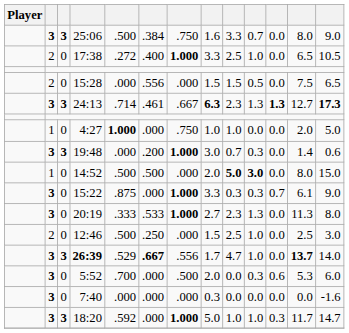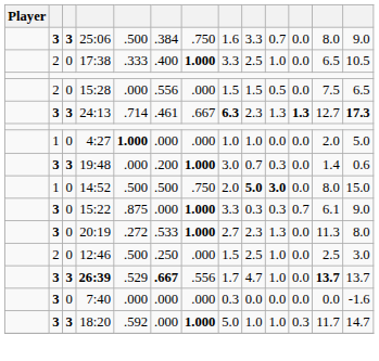 <table class="wikitable sortable" style="font-size:95%; text-align:right;">
 <tr>
 <th>Player</th>
 <th></th>
 <th></th>
 <th></th>
 <th></th>
 <th></th>
 <th></th>
 <th></th>
 <th></th>
 <th></th>
 <th></th>
 <th></th>
 <th></th>
 </tr>
 <tr>
 <td><strong></strong></td>
 <td><strong>3</strong></td>
 <td><strong>3</strong></td>
 <td>25:06</td>
 <td>.500</td>
 <td>.384</td>
 <td>.750</td>
 <td>1.6</td>
 <td>3.3</td>
 <td>0.7</td>
 <td>0.0</td>
 <td>8.0</td>
 <td>9.0</td>
 </tr>
 <tr>
 <td><strong></strong></td>
 <td>2</td>
 <td>0</td>
 <td>17:38</td>
-<td>.272</td>
+<td>.333</td>
 <td>.400</td>
 <td><strong>1.000</strong></td>
 <td>3.3</td>
 <td>2.5</td>
 <td>1.0</td>
 <td>0.0</td>
 <td>6.5</td>
 <td>10.5</td>
 </tr>
 <tr>
 <td><strong></strong></td>
 <td colspan=12 data-sort-value="-50"></td>
 </tr>
 <tr>
 <td><strong></strong></td>
 <td>2</td>
 <td>0</td>
 <td>15:28</td>
 <td>.000</td>
 <td>.556</td>
 <td>.000</td>
 <td>1.5</td>
 <td>1.5</td>
 <td>0.5</td>
 <td>0.0</td>
 <td>7.5</td>
 <td>6.5</td>
 </tr>
 <tr>
 <td><strong></strong></td>
 <td><strong>3</strong></td>
 <td><strong>3</strong></td>
 <td>24:13</td>
 <td>.714</td>
 <td>.461</td>
 <td>.667</td>
 <td><strong>6.3</strong></td>
 <td>2.3</td>
 <td>1.3</td>
 <td><strong>1.3</strong></td>
 <td>12.7</td>
 <td><strong>17.3</strong></td>
 </tr>
 <tr>
 <td><strong></strong></td>
 <td colspan=12 data-sort-value="-50"></td>
 </tr>
 <tr>
 <td><strong></strong></td>
 <td>1</td>
 <td>0</td>
 <td>4:27</td>
 <td><strong>1.000</strong></td>
 <td>.000</td>
-<td>.750</td>
+<td>.000</td>
 <td>1.0</td>
 <td>1.0</td>
 <td>0.0</td>
 <td>0.0</td>
 <td>2.0</td>
 <td>5.0</td>
 </tr>
 <tr>
 <td><strong></strong></td>
 <td><strong>3</strong></td>
 <td><strong>3</strong></td>
 <td>19:48</td>
 <td>.000</td>
 <td>.200</td>
 <td><strong>1.000</strong></td>
 <td>3.0</td>
 <td>0.7</td>
 <td>0.3</td>
 <td>0.0</td>
 <td>1.4</td>
 <td>0.6</td>
 </tr>
 <tr>
 <td><strong></strong></td>
 <td>1</td>
 <td>0</td>
 <td>14:52</td>
 <td>.500</td>
 <td>.500</td>
-<td>.000</td>
+<td>.750</td>
 <td>2.0</td>
 <td><strong>5.0</strong></td>
 <td><strong>3.0</strong></td>
 <td>0.0</td>
 <td>8.0</td>
 <td>15.0</td>
 </tr>
 <tr>
 <td><strong></strong></td>
 <td><strong>3</strong></td>
 <td>0</td>
 <td>15:22</td>
 <td>.875</td>
 <td>.000</td>
 <td><strong>1.000</strong></td>
 <td>3.3</td>
 <td>0.3</td>
 <td>0.3</td>
 <td>0.7</td>
 <td>6.1</td>
 <td>9.0</td>
 </tr>
 <tr>
 <td><strong></strong></td>
 <td><strong>3</strong></td>
 <td>0</td>
 <td>20:19</td>
-<td>.333</td>
+<td>.272</td>
 <td>.533</td>
 <td><strong>1.000</strong></td>
 <td>2.7</td>
 <td>2.3</td>
 <td>1.3</td>
 <td>0.0</td>
 <td>11.3</td>
 <td>8.0</td>
 </tr>
 <tr>
 <td><strong></strong></td>
 <td>2</td>
 <td>0</td>
 <td>12:46</td>
 <td>.500</td>
 <td>.250</td>
 <td>.000</td>
 <td>1.5</td>
 <td>2.5</td>
 <td>1.0</td>
 <td>0.0</td>
 <td>2.5</td>
 <td>3.0</td>
 </tr>
 <tr>
 <td><strong></strong></td>
 <td><strong>3</strong></td>
 <td><strong>3</strong></td>
 <td><strong>26:39</strong></td>
 <td>.529</td>
 <td><strong>.667</strong></td>
 <td>.556</td>
 <td>1.7</td>
 <td>4.7</td>
 <td>1.0</td>
 <td>0.0</td>
 <td><strong>13.7</strong></td>
-<td>14.0</td>
-</tr>
-<tr>
-<td><strong></strong></td>
-<td><strong>3</strong></td>
-<td>0</td>
-<td>5:52</td>
-<td>.700</td>
-<td>.000</td>
-<td>.500</td>
-<td>2.0</td>
-<td>0.0</td>
-<td>0.3</td>
-<td>0.6</td>
-<td>5.3</td>
-<td>6.0</td>
+<td>13.7</td>
 </tr>
 <tr>
 <td><strong></strong></td>
 <td><strong>3</strong></td>
 <td>0</td>
 <td>7:40</td>
 <td>.000</td>
 <td>.000</td>
 <td>.000</td>
 <td>0.3</td>
 <td>0.0</td>
 <td>0.0</td>
 <td>0.0</td>
 <td>0.0</td>
 <td>-1.6</td>
 </tr>
 <tr>
 <td><strong></strong></td>
 <td><strong>3</strong></td>
 <td><strong>3</strong></td>
 <td>18:20</td>
 <td>.592</td>
 <td>.000</td>
 <td><strong>1.000</strong></td>
 <td>5.0</td>
 <td>1.0</td>
 <td>1.0</td>
 <td>0.3</td>
 <td>11.7</td>
 <td>14.7</td>
 </tr>
 <tr>
 </tr>
 </table>
